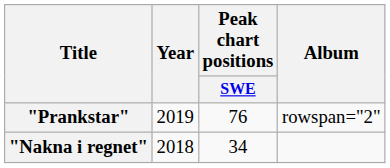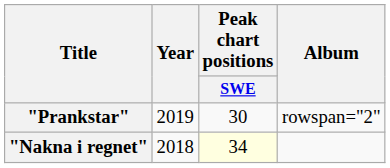 <table class="wikitable plainrowheaders" style="text-align:center;">
 <tr>
 <th scope="col" rowspan="2">Title</th>
 <th scope="col" rowspan="2">Year</th>
 <th scope="col" colspan="1">Peak chart positions</th>
 <th scope="col" rowspan="2">Album</th>
 </tr>
 <tr>
 <th scope="col" style="width:3em;font-size:85%;"><a href='#'>SWE</a><br></th>
 </tr>
 <tr>
 <th scope="row">"Prankstar"</th>
 <td>2019</td>
-<td>76</td>
+<td>30</td>
 <td>rowspan="2" </td>
 </tr>
 <tr>
 <th scope="row">"Nakna i regnet"</th>
 <td>2018</td>
-<td>34</td>
+<td style="background: lightyellow;">34</td>
 </tr>
 </table>
